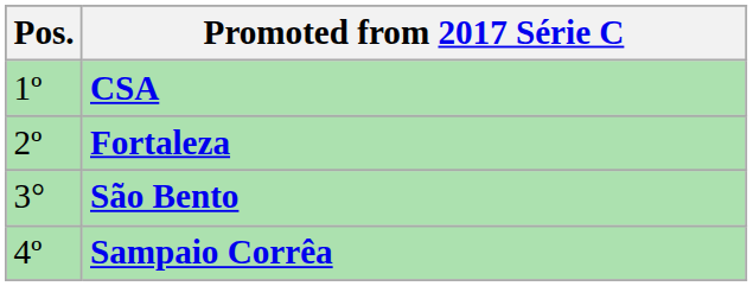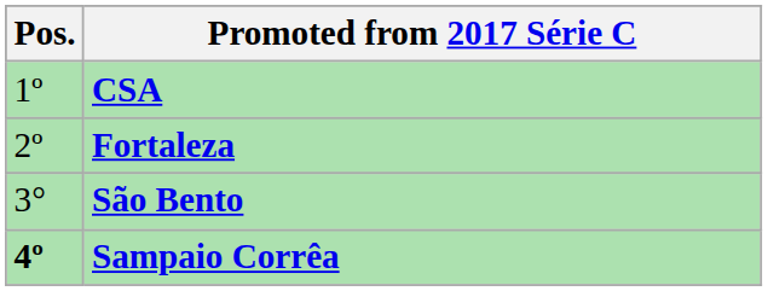 <table class="wikitable">
 <tr>
 <th align="center">Pos.</th>
 <th width="300">Promoted from <a href='#'>2017 Série C</a></th>
 </tr>
 <tr style="background: #ACE1AF;">
 <td>1º</td>
 <td><strong><a href='#'>CSA</a></strong></td>
 </tr>
 <tr style="background: #ACE1AF;">
 <td>2º</td>
 <td><strong><a href='#'>Fortaleza</a></strong></td>
 </tr>
 <tr style="background: #ACE1AF;">
 <td>3°</td>
 <td><strong><a href='#'>São Bento</a></strong></td>
 </tr>
 <tr style="background: #ACE1AF;">
-<td>4º</td>
+<td><strong>4º</strong></td>
 <td><strong><a href='#'>Sampaio Corrêa</a></strong></td>
 </tr>
 </table>
